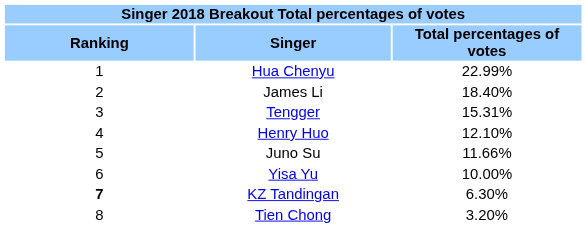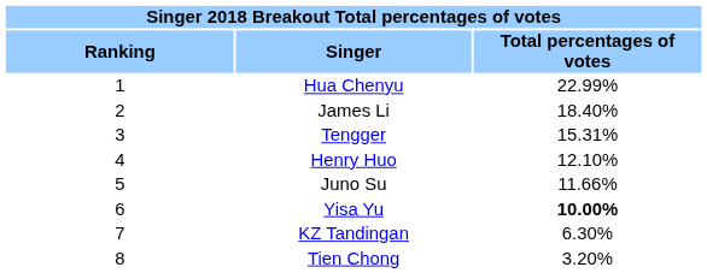 <table width="100%" style="text-align:center">
 <tr style="background:#99CCFF">
 <td colspan="3"><div><strong>Singer 2018 Breakout Total percentages of votes</strong></div></td>
 </tr>
 <tr style="background:#99CCFF">
 <td style="width:33%"><strong>Ranking</strong></td>
 <td style="width:34%"><strong>Singer</strong></td>
 <td style="width:33%"><strong>Total percentages of votes</strong></td>
 </tr>
 <tr>
 <td>1</td>
 <td><a href='#'>Hua Chenyu</a></td>
 <td>22.99%</td>
 </tr>
 <tr>
 <td>2</td>
 <td>James Li</td>
 <td>18.40%</td>
 </tr>
 <tr>
 <td>3</td>
 <td><a href='#'>Tengger</a></td>
 <td>15.31%</td>
 </tr>
 <tr>
 <td>4</td>
 <td><a href='#'>Henry Huo</a></td>
 <td>12.10%</td>
 </tr>
 <tr>
 <td>5</td>
 <td>Juno Su</td>
 <td>11.66%</td>
 </tr>
 <tr>
 <td>6</td>
 <td><a href='#'>Yisa Yu</a></td>
-<td>10.00%</td>
+<td><strong>10.00%</strong></td>
 </tr>
 <tr>
-<td><strong>7</strong></td>
+<td>7</td>
 <td><a href='#'>KZ Tandingan</a></td>
 <td>6.30%</td>
 </tr>
 <tr>
 <td>8</td>
 <td><a href='#'>Tien Chong</a></td>
 <td>3.20%</td>
 </tr>
 </table>
